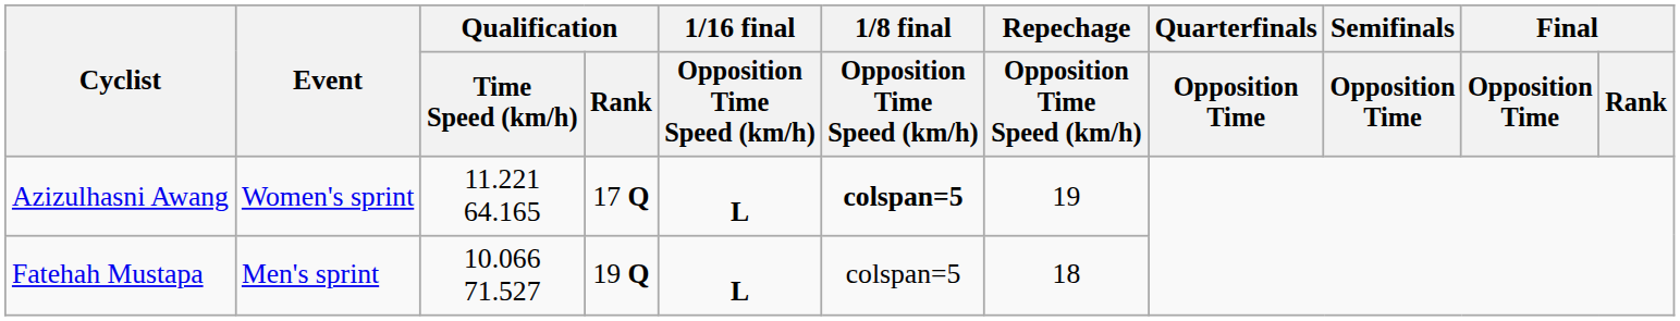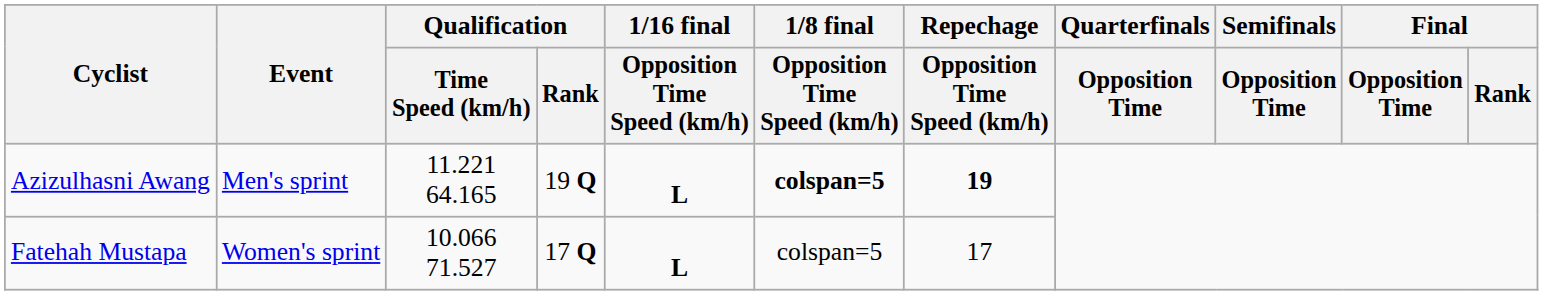 <table class="wikitable" style="font-size:90%">
 <tr>
 <th rowspan=2>Cyclist</th>
 <th rowspan=2>Event</th>
 <th colspan=2>Qualification</th>
 <th>1/16 final</th>
 <th>1/8 final</th>
 <th>Repechage</th>
 <th>Quarterfinals</th>
 <th>Semifinals</th>
 <th colspan=2>Final</th>
 </tr>
 <tr style="font-size:95%">
 <th>Time<br>Speed (km/h)</th>
 <th>Rank</th>
 <th>Opposition<br>Time<br>Speed (km/h)</th>
 <th>Opposition<br>Time<br>Speed (km/h)</th>
 <th>Opposition<br>Time<br>Speed (km/h)</th>
 <th>Opposition<br>Time</th>
 <th>Opposition<br>Time</th>
 <th>Opposition<br>Time</th>
 <th>Rank</th>
 </tr>
 <tr align=center>
 <td align=left><a href='#'>Azizulhasni Awang</a></td>
-<td align=left><a href='#'>Women's sprint</a></td>
+<td align=left><a href='#'>Men's sprint</a></td>
 <td>11.221<br>64.165</td>
-<td>17 <strong>Q</strong></td>
+<td>19 <strong>Q</strong></td>
 <td><br><strong>L</strong></td>
 <td><strong>colspan=5 </strong></td>
-<td>19</td>
+<td><strong>19</strong></td>
 </tr>
 <tr align=center>
 <td align=left><a href='#'>Fatehah Mustapa</a></td>
-<td align=left><a href='#'>Men's sprint</a></td>
+<td align=left><a href='#'>Women's sprint</a></td>
 <td>10.066<br>71.527</td>
-<td>19 <strong>Q</strong></td>
+<td>17 <strong>Q</strong></td>
 <td><br><strong>L</strong></td>
 <td>colspan=5 </td>
-<td>18</td>
+<td>17</td>
 </tr>
 </table>
